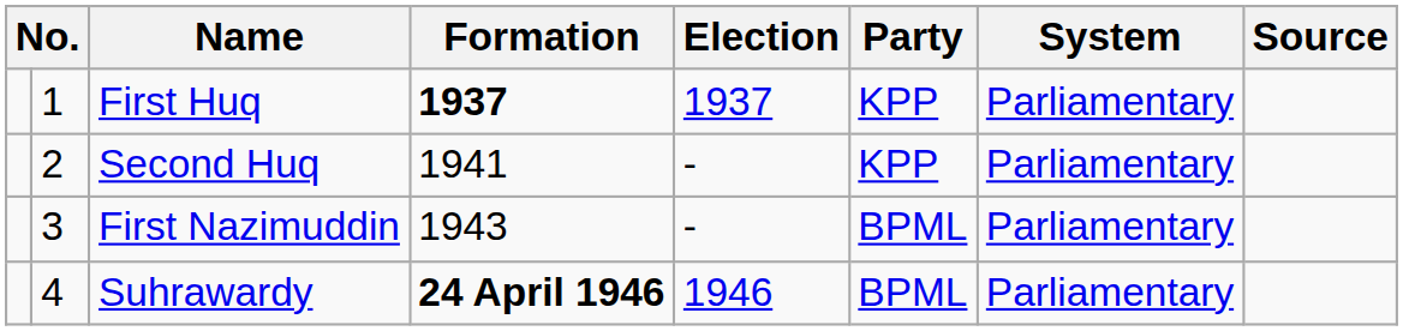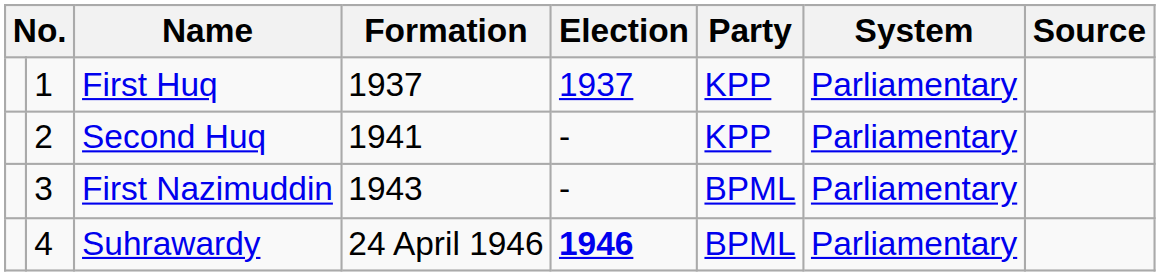 <table class="wikitable sortable">
 <tr>
 <th colspan=2>No.</th>
 <th>Name</th>
 <th>Formation</th>
 <th>Election</th>
 <th>Party</th>
 <th>System</th>
 <th>Source</th>
 </tr>
 <tr>
 <td align=center style="background-color:"></td>
 <td>1</td>
 <td><a href='#'>First Huq</a></td>
-<td><strong>1937</strong></td>
+<td>1937</td>
 <td><a href='#'>1937</a></td>
 <td><a href='#'>KPP</a></td>
 <td><a href='#'>Parliamentary</a></td>
 <td></td>
 </tr>
 <tr>
 <td align=center style="background-color:"></td>
 <td>2</td>
 <td><a href='#'>Second Huq</a></td>
 <td>1941</td>
 <td>-</td>
 <td><a href='#'>KPP</a></td>
 <td><a href='#'>Parliamentary</a></td>
 <td></td>
 </tr>
 <tr>
 <td align=center style="background-color:"></td>
 <td>3</td>
 <td><a href='#'>First Nazimuddin</a></td>
 <td>1943</td>
 <td>-</td>
 <td><a href='#'>BPML</a></td>
 <td><a href='#'>Parliamentary</a></td>
 <td></td>
 </tr>
 <tr>
 <td align=center style="background-color:"></td>
 <td>4</td>
 <td><a href='#'>Suhrawardy</a></td>
-<td><strong>24 April 1946</strong></td>
-<td><a href='#'>1946</a></td>
+<td>24 April 1946</td>
+<td><strong><a href='#'>1946</a></strong></td>
 <td><a href='#'>BPML</a></td>
 <td><a href='#'>Parliamentary</a></td>
 <td></td>
 </tr>
 </table>
